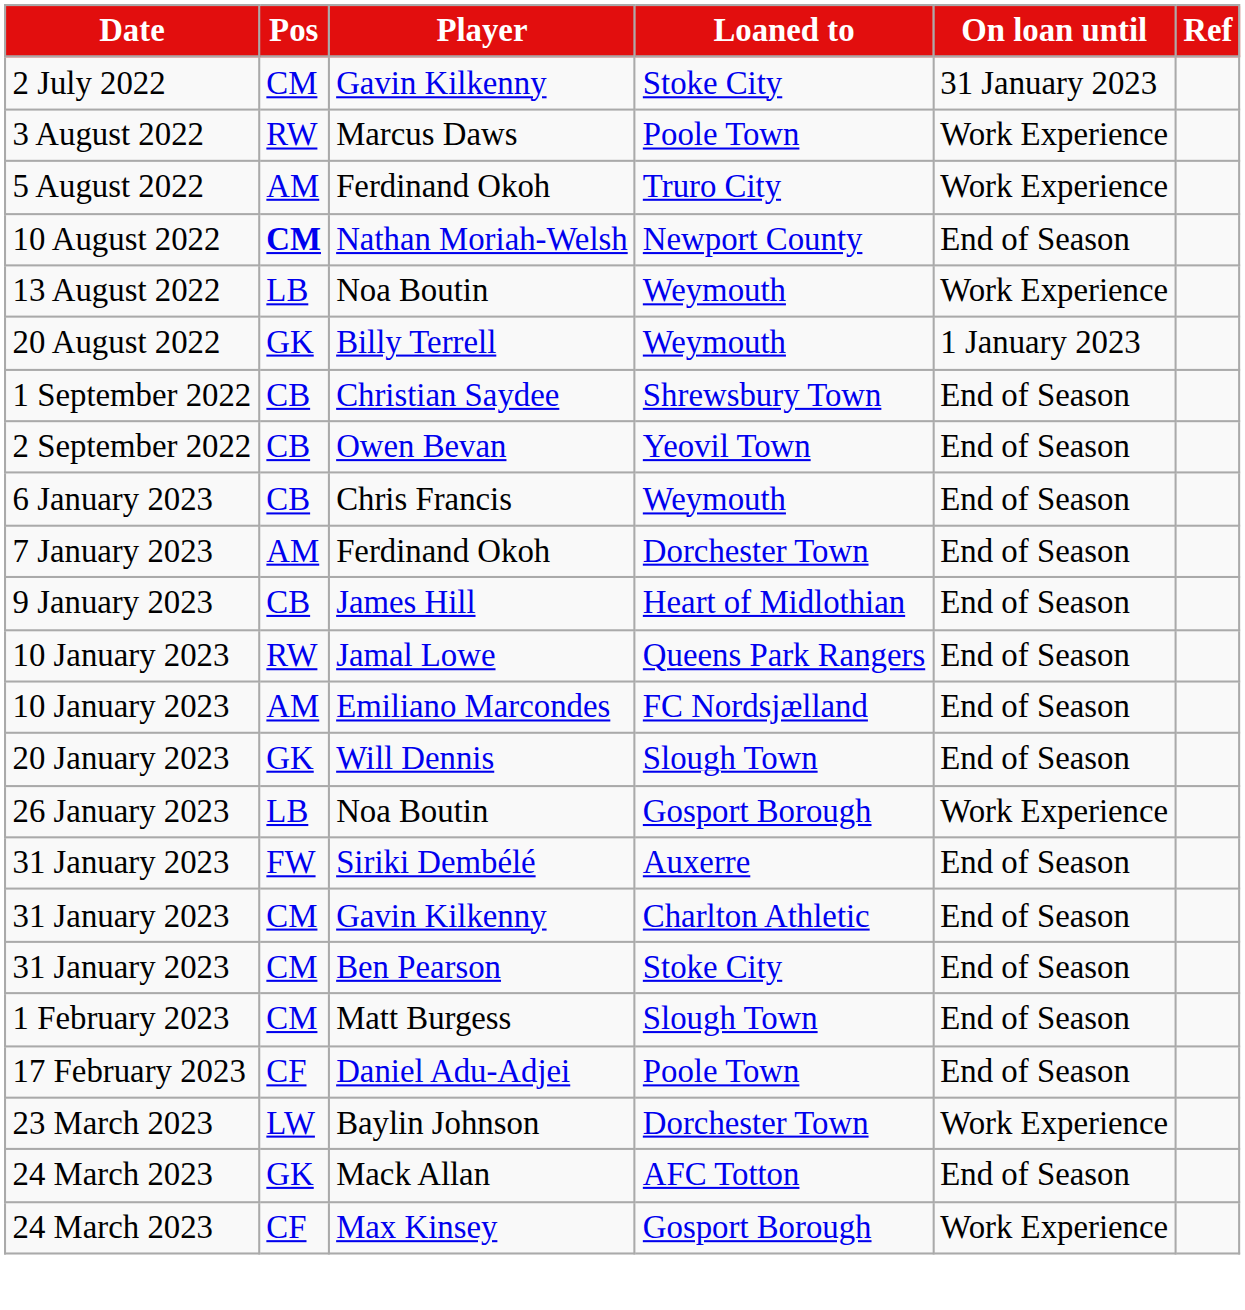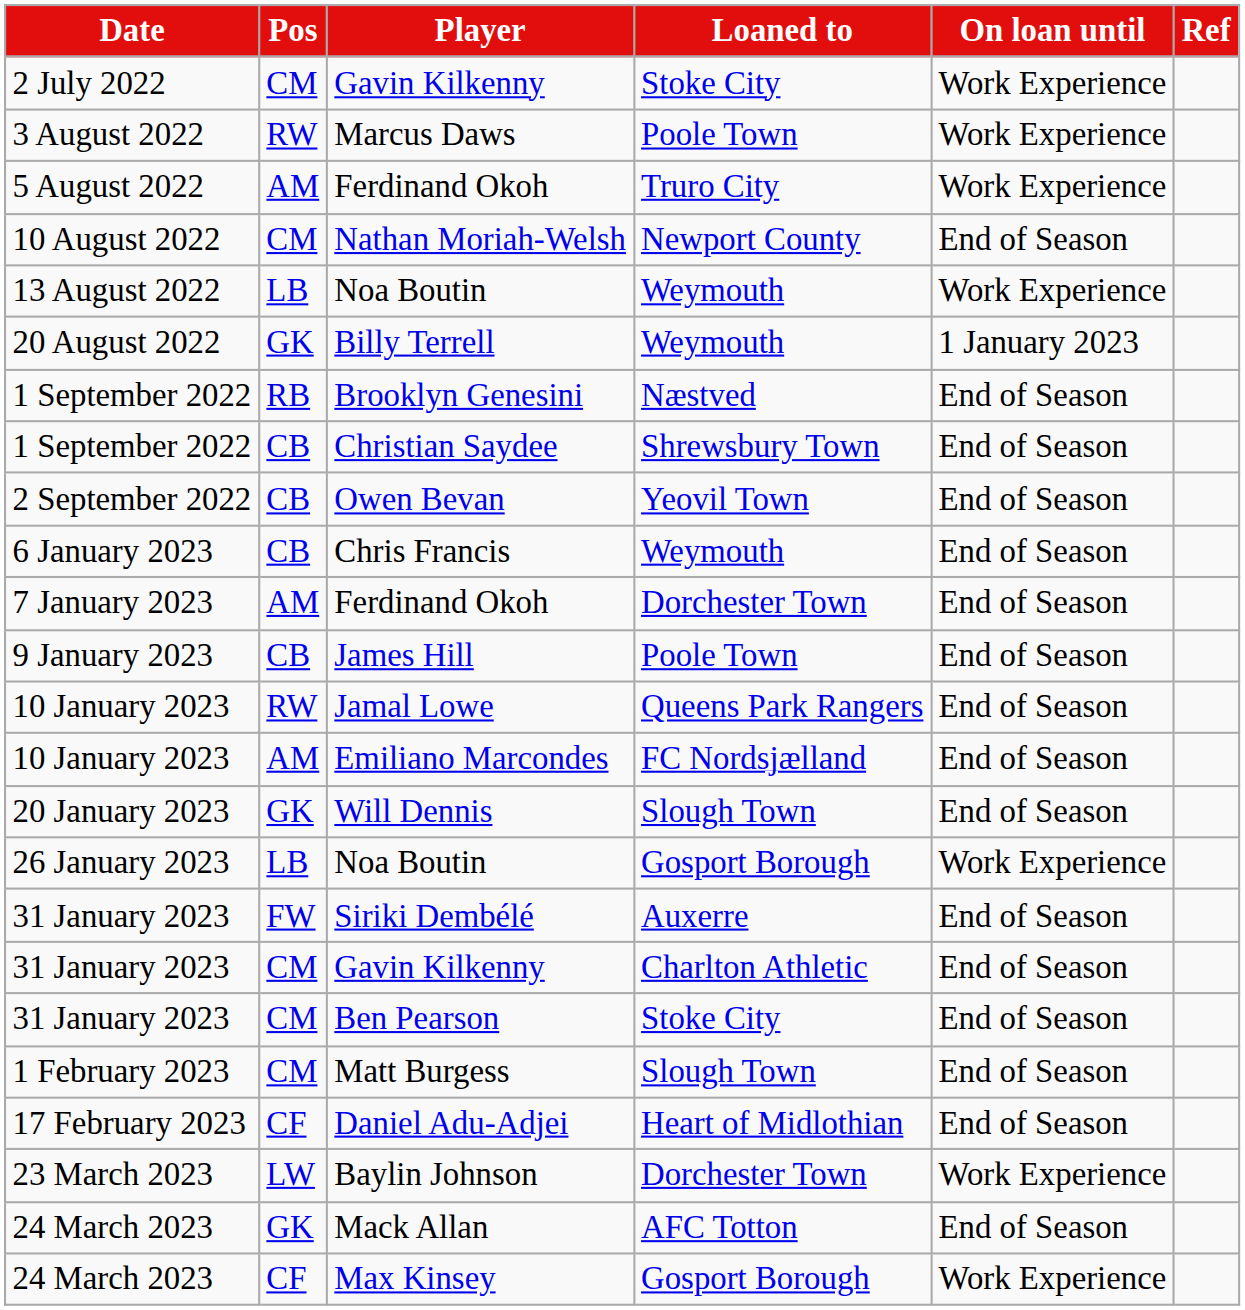 <table class="wikitable plainrowheaders sortable">
 <tr>
 <th style="background:#e20e0e; color:#ffffff; ">Date</th>
 <th style="background:#e20e0e; color:#ffffff; ">Pos</th>
 <th style="background:#e20e0e; color:#ffffff; ">Player</th>
 <th style="background:#e20e0e; color:#ffffff; ">Loaned to</th>
 <th style="background:#e20e0e; color:#ffffff; ">On loan until</th>
 <th style="background:#e20e0e; color:#ffffff; ">Ref</th>
 </tr>
 <tr>
 <td>2 July 2022</td>
 <td><a href='#'>CM</a></td>
 <td> <a href='#'>Gavin Kilkenny</a></td>
 <td> <a href='#'>Stoke City</a></td>
-<td>31 January 2023</td>
+<td>Work Experience</td>
 <td></td>
 </tr>
 <tr>
 <td>3 August 2022</td>
 <td><a href='#'>RW</a></td>
 <td> Marcus Daws</td>
 <td> <a href='#'>Poole Town</a></td>
 <td>Work Experience</td>
 <td></td>
 </tr>
 <tr>
 <td>5 August 2022</td>
 <td><a href='#'>AM</a></td>
 <td> Ferdinand Okoh</td>
 <td> <a href='#'>Truro City</a></td>
 <td>Work Experience</td>
 <td></td>
 </tr>
 <tr>
 <td>10 August 2022</td>
-<td><strong><a href='#'>CM</a></strong></td>
+<td><a href='#'>CM</a></td>
 <td> <a href='#'>Nathan Moriah-Welsh</a></td>
 <td> <a href='#'>Newport County</a></td>
 <td>End of Season</td>
 <td></td>
 </tr>
 <tr>
 <td>13 August 2022</td>
 <td><a href='#'>LB</a></td>
 <td> Noa Boutin</td>
 <td> <a href='#'>Weymouth</a></td>
 <td>Work Experience</td>
 <td></td>
 </tr>
 <tr>
 <td>20 August 2022</td>
 <td><a href='#'>GK</a></td>
 <td> <a href='#'>Billy Terrell</a></td>
 <td> <a href='#'>Weymouth</a></td>
 <td>1 January 2023</td>
+<td></td>
+</tr>
+<tr>
+<td>1 September 2022</td>
+<td><a href='#'>RB</a></td>
+<td> <a href='#'>Brooklyn Genesini</a></td>
+<td> <a href='#'>Næstved</a></td>
+<td>End of Season</td>
 <td></td>
 </tr>
 <tr>
 <td>1 September 2022</td>
 <td><a href='#'>CB</a></td>
 <td> <a href='#'>Christian Saydee</a></td>
 <td> <a href='#'>Shrewsbury Town</a></td>
 <td>End of Season</td>
 <td></td>
 </tr>
 <tr>
 <td>2 September 2022</td>
 <td><a href='#'>CB</a></td>
 <td> <a href='#'>Owen Bevan</a></td>
 <td> <a href='#'>Yeovil Town</a></td>
 <td>End of Season</td>
 <td></td>
 </tr>
 <tr>
 <td>6 January 2023</td>
 <td><a href='#'>CB</a></td>
 <td> Chris Francis</td>
 <td> <a href='#'>Weymouth</a></td>
 <td>End of Season</td>
 <td></td>
 </tr>
 <tr>
 <td>7 January 2023</td>
 <td><a href='#'>AM</a></td>
 <td> Ferdinand Okoh</td>
 <td> <a href='#'>Dorchester Town</a></td>
 <td>End of Season</td>
 <td></td>
 </tr>
 <tr>
 <td>9 January 2023</td>
 <td><a href='#'>CB</a></td>
 <td> <a href='#'>James Hill</a></td>
-<td> <a href='#'>Heart of Midlothian</a></td>
+<td> <a href='#'>Poole Town</a></td>
 <td>End of Season</td>
 <td></td>
 </tr>
 <tr>
 <td>10 January 2023</td>
 <td><a href='#'>RW</a></td>
 <td> <a href='#'>Jamal Lowe</a></td>
 <td> <a href='#'>Queens Park Rangers</a></td>
 <td>End of Season</td>
 <td></td>
 </tr>
 <tr>
 <td>10 January 2023</td>
 <td><a href='#'>AM</a></td>
 <td> <a href='#'>Emiliano Marcondes</a></td>
 <td> <a href='#'>FC Nordsjælland</a></td>
 <td>End of Season</td>
 <td></td>
 </tr>
 <tr>
 <td>20 January 2023</td>
 <td><a href='#'>GK</a></td>
 <td> <a href='#'>Will Dennis</a></td>
 <td> <a href='#'>Slough Town</a></td>
 <td>End of Season</td>
 <td></td>
 </tr>
 <tr>
 <td>26 January 2023</td>
 <td><a href='#'>LB</a></td>
 <td> Noa Boutin</td>
 <td> <a href='#'>Gosport Borough</a></td>
 <td>Work Experience</td>
 <td></td>
 </tr>
 <tr>
 <td>31 January 2023</td>
 <td><a href='#'>FW</a></td>
 <td> <a href='#'>Siriki Dembélé</a></td>
 <td> <a href='#'>Auxerre</a></td>
 <td>End of Season</td>
 <td></td>
 </tr>
 <tr>
 <td>31 January 2023</td>
 <td><a href='#'>CM</a></td>
 <td> <a href='#'>Gavin Kilkenny</a></td>
 <td> <a href='#'>Charlton Athletic</a></td>
 <td>End of Season</td>
 <td></td>
 </tr>
 <tr>
 <td>31 January 2023</td>
 <td><a href='#'>CM</a></td>
 <td> <a href='#'>Ben Pearson</a></td>
 <td> <a href='#'>Stoke City</a></td>
 <td>End of Season</td>
 <td></td>
 </tr>
 <tr>
 <td>1 February 2023</td>
 <td><a href='#'>CM</a></td>
 <td> Matt Burgess</td>
 <td> <a href='#'>Slough Town</a></td>
 <td>End of Season</td>
 <td></td>
 </tr>
 <tr>
 <td>17 February 2023</td>
 <td><a href='#'>CF</a></td>
 <td> <a href='#'>Daniel Adu-Adjei</a></td>
-<td> <a href='#'>Poole Town</a></td>
+<td> <a href='#'>Heart of Midlothian</a></td>
 <td>End of Season</td>
 <td></td>
 </tr>
 <tr>
 <td>23 March 2023</td>
 <td><a href='#'>LW</a></td>
 <td> Baylin Johnson</td>
 <td> <a href='#'>Dorchester Town</a></td>
 <td>Work Experience</td>
 <td></td>
 </tr>
 <tr>
 <td>24 March 2023</td>
 <td><a href='#'>GK</a></td>
 <td> Mack Allan</td>
 <td> <a href='#'>AFC Totton</a></td>
 <td>End of Season</td>
 <td></td>
 </tr>
 <tr>
 <td>24 March 2023</td>
 <td><a href='#'>CF</a></td>
 <td> <a href='#'>Max Kinsey</a></td>
 <td> <a href='#'>Gosport Borough</a></td>
 <td>Work Experience</td>
 <td></td>
 </tr>
 </table>
